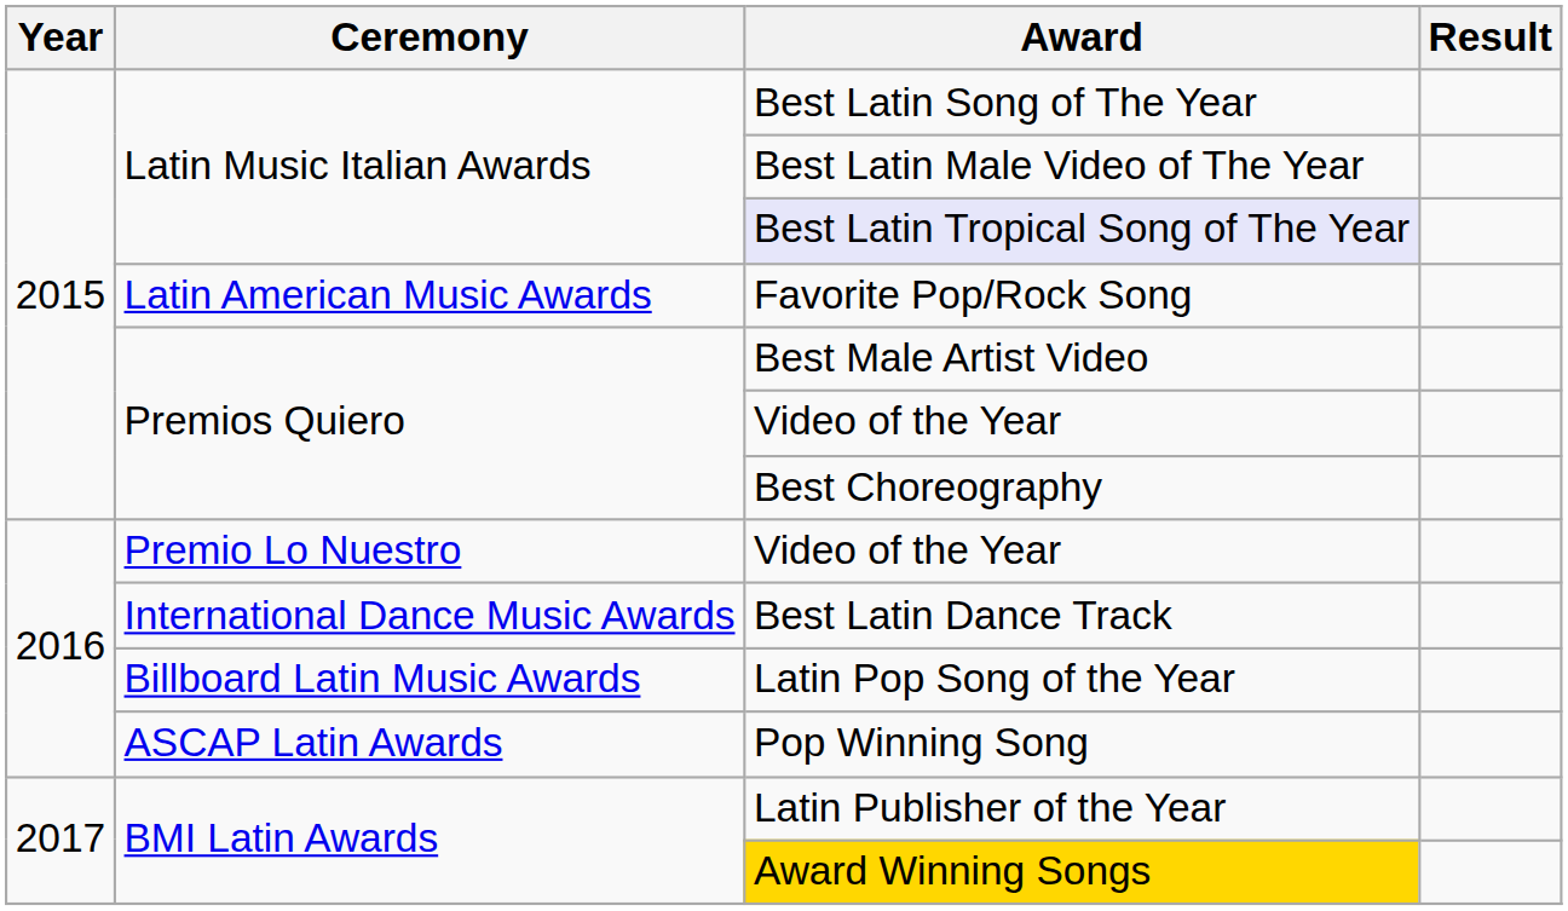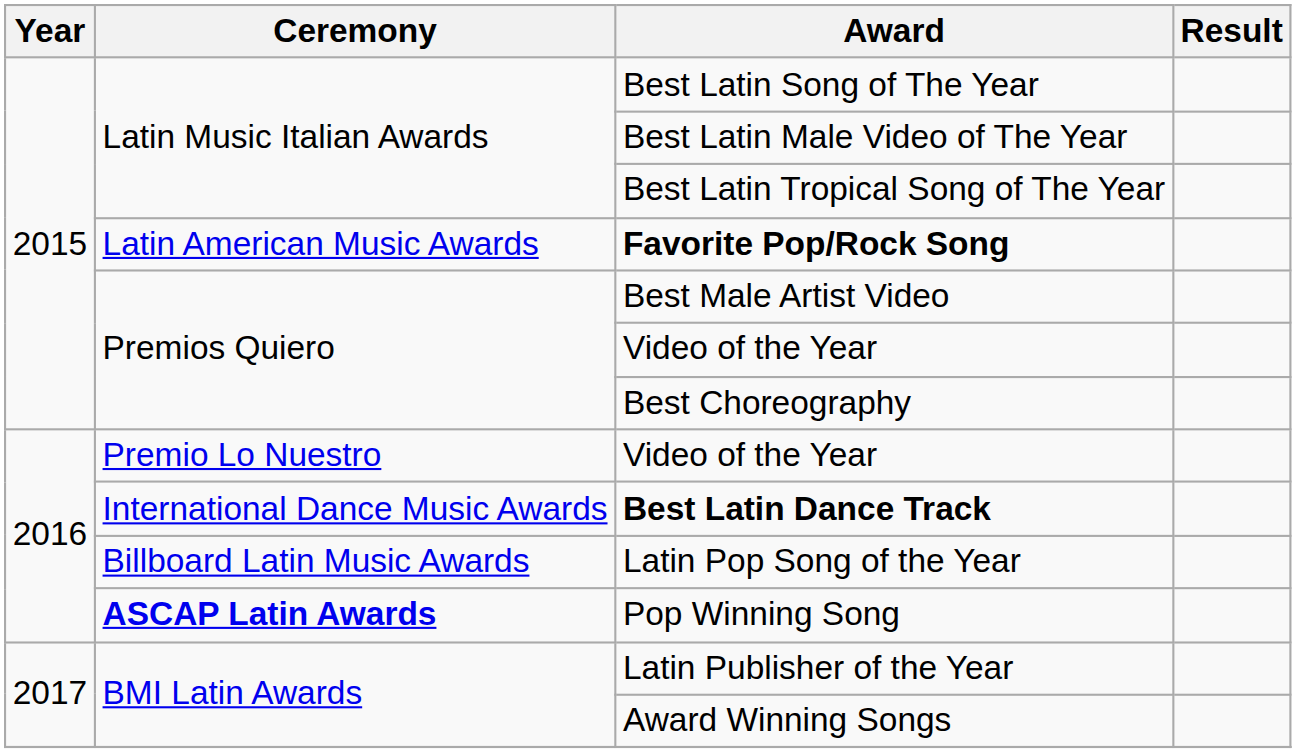 <table class="wikitable">
 <tr>
 <th>Year</th>
 <th>Ceremony</th>
 <th>Award</th>
 <th>Result</th>
 </tr>
 <tr>
 <td rowspan=7>2015</td>
 <td rowspan=3>Latin Music Italian Awards</td>
 <td>Best Latin Song of The Year</td>
 <td></td>
 </tr>
 <tr>
 <td>Best Latin Male Video of The Year</td>
 <td></td>
 </tr>
 <tr>
-<td style="background: lavender;">Best Latin Tropical Song of The Year</td>
+<td>Best Latin Tropical Song of The Year</td>
 <td></td>
 </tr>
 <tr>
 <td><a href='#'>Latin American Music Awards</a></td>
-<td>Favorite Pop/Rock Song</td>
+<td><strong>Favorite Pop/Rock Song</strong></td>
 <td></td>
 </tr>
 <tr>
 <td rowspan=3>Premios Quiero</td>
 <td>Best Male Artist Video</td>
 <td></td>
 </tr>
 <tr>
 <td>Video of the Year</td>
 <td></td>
 </tr>
 <tr>
 <td>Best Choreography</td>
 <td></td>
 </tr>
 <tr>
 <td rowspan=4>2016</td>
 <td><a href='#'>Premio Lo Nuestro</a></td>
 <td>Video of the Year</td>
 <td></td>
 </tr>
 <tr>
 <td><a href='#'>International Dance Music Awards</a></td>
-<td>Best Latin Dance Track</td>
+<td><strong>Best Latin Dance Track</strong></td>
 <td></td>
 </tr>
 <tr>
 <td><a href='#'>Billboard Latin Music Awards</a></td>
 <td>Latin Pop Song of the Year</td>
 <td></td>
 </tr>
 <tr>
-<td><a href='#'>ASCAP Latin Awards</a></td>
+<td><strong><a href='#'>ASCAP Latin Awards</a></strong></td>
 <td>Pop Winning Song</td>
 <td></td>
 </tr>
 <tr>
 <td rowspan=2>2017</td>
 <td rowspan="2"><a href='#'>BMI Latin Awards</a></td>
 <td>Latin Publisher of the Year</td>
 <td></td>
 </tr>
 <tr>
-<td style="background: gold;">Award Winning Songs</td>
+<td>Award Winning Songs</td>
 <td></td>
 </tr>
 <tr>
 </tr>
 </table>
